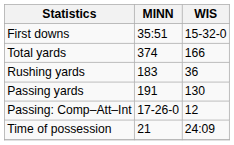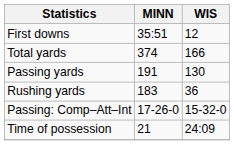 <table class="wikitable" style="float: left;">
 <tr>
 <th>Statistics</th>
 <th>MINN</th>
 <th>WIS</th>
 </tr>
 <tr>
 <td>First downs</td>
 <td>35:51</td>
-<td>15-32-0</td>
+<td>12</td>
 </tr>
 <tr>
 <td>Total yards</td>
 <td>374</td>
 <td>166</td>
 </tr>
 <tr>
+<td>Passing yards</td>
+<td>191</td>
+<td>130</td>
+</tr>
+<tr>
 <td>Rushing yards</td>
 <td>183</td>
 <td>36</td>
 </tr>
 <tr>
-<td>Passing yards</td>
-<td>191</td>
-<td>130</td>
-</tr>
-<tr>
 <td>Passing: Comp–Att–Int</td>
 <td>17-26-0</td>
-<td>12</td>
+<td>15-32-0</td>
 </tr>
 <tr>
 <td>Time of possession</td>
 <td>21</td>
 <td>24:09</td>
 </tr>
 <tr>
 </tr>
 </table>
